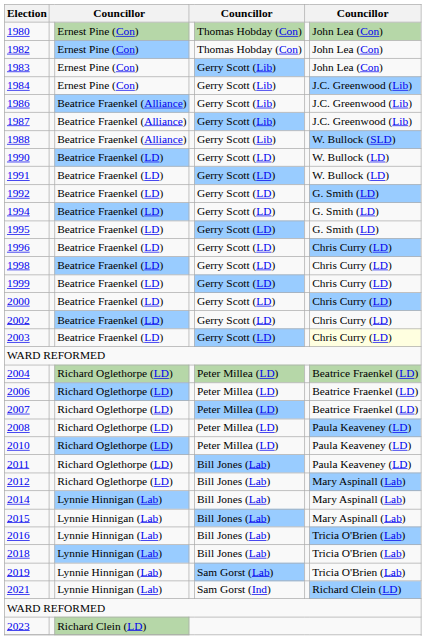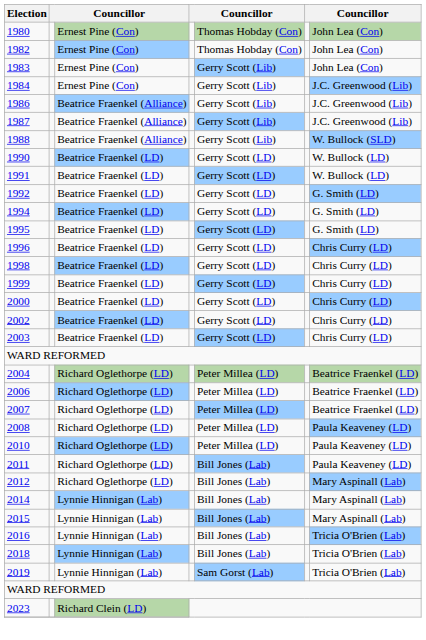 <table class="wikitable">
 <tr>
 <th>Election</th>
 <th colspan="2">Councillor</th>
 <th colspan="2">Councillor</th>
 <th colspan="2">Councillor</th>
 </tr>
 <tr>
 <td><a href='#'>1980</a></td>
 <td style="background-color: "></td>
 <td bgcolor="#B6D7A8">Ernest Pine (<a href='#'>Con</a>)</td>
 <td style="background-color: "></td>
 <td bgcolor="#B6D7A8">Thomas Hobday (<a href='#'>Con</a>)</td>
 <td style="background-color: "></td>
 <td bgcolor="#B6D7A8">John Lea (<a href='#'>Con</a>)</td>
 </tr>
 <tr>
 <td><a href='#'>1982</a></td>
 <td style="background-color: "></td>
 <td bgcolor="#99CCFF">Ernest Pine (<a href='#'>Con</a>)</td>
 <td style="background-color: "></td>
 <td>Thomas Hobday (<a href='#'>Con</a>)</td>
 <td style="background-color: "></td>
 <td>John Lea (<a href='#'>Con</a>)</td>
 </tr>
 <tr>
 <td><a href='#'>1983</a></td>
 <td style="background-color: "></td>
 <td>Ernest Pine (<a href='#'>Con</a>)</td>
 <td style="background-color: "></td>
 <td bgcolor="#99CCFF">Gerry Scott (<a href='#'>Lib</a>)</td>
 <td style="background-color: "></td>
 <td>John Lea (<a href='#'>Con</a>)</td>
 </tr>
 <tr>
 <td><a href='#'>1984</a></td>
 <td style="background-color: "></td>
 <td>Ernest Pine (<a href='#'>Con</a>)</td>
 <td style="background-color: "></td>
 <td>Gerry Scott (<a href='#'>Lib</a>)</td>
 <td style="background-color: "></td>
 <td bgcolor="#99CCFF">J.C. Greenwood (<a href='#'>Lib</a>)</td>
 </tr>
 <tr>
 <td><a href='#'>1986</a></td>
 <td style="background-color: "></td>
 <td bgcolor="#99CCFF">Beatrice Fraenkel (<a href='#'>Alliance</a>)</td>
 <td style="background-color: "></td>
 <td>Gerry Scott (<a href='#'>Lib</a>)</td>
 <td style="background-color: "></td>
 <td>J.C. Greenwood (<a href='#'>Lib</a>)</td>
 </tr>
 <tr>
 <td><a href='#'>1987</a></td>
 <td style="background-color: "></td>
 <td>Beatrice Fraenkel (<a href='#'>Alliance</a>)</td>
 <td style="background-color: "></td>
 <td bgcolor="#99CCFF">Gerry Scott (<a href='#'>Lib</a>)</td>
 <td style="background-color: "></td>
 <td>J.C. Greenwood (<a href='#'>Lib</a>)</td>
 </tr>
 <tr>
 <td><a href='#'>1988</a></td>
 <td style="background-color: "></td>
 <td>Beatrice Fraenkel (<a href='#'>Alliance</a>)</td>
 <td style="background-color: "></td>
 <td>Gerry Scott (<a href='#'>Lib</a>)</td>
 <td style="background-color: "></td>
 <td bgcolor="#99CCFF">W. Bullock (<a href='#'>SLD</a>)</td>
 </tr>
 <tr>
 <td><a href='#'>1990</a></td>
 <td style="background-color: "></td>
 <td bgcolor="#99CCFF">Beatrice Fraenkel (<a href='#'>LD</a>)</td>
 <td style="background-color: "></td>
 <td>Gerry Scott (<a href='#'>LD</a>)</td>
 <td style="background-color: "></td>
 <td>W. Bullock (<a href='#'>LD</a>)</td>
 </tr>
 <tr>
 <td><a href='#'>1991</a></td>
 <td style="background-color: "></td>
 <td>Beatrice Fraenkel (<a href='#'>LD</a>)</td>
 <td style="background-color: "></td>
 <td bgcolor="#99CCFF">Gerry Scott (<a href='#'>LD</a>)</td>
 <td style="background-color: "></td>
 <td>W. Bullock (<a href='#'>LD</a>)</td>
 </tr>
 <tr>
 <td><a href='#'>1992</a></td>
 <td style="background-color: "></td>
 <td>Beatrice Fraenkel (<a href='#'>LD</a>)</td>
 <td style="background-color: "></td>
 <td>Gerry Scott (<a href='#'>LD</a>)</td>
 <td style="background-color: "></td>
 <td bgcolor="#99CCFF">G. Smith (<a href='#'>LD</a>)</td>
 </tr>
 <tr>
 <td><a href='#'>1994</a></td>
 <td style="background-color: "></td>
 <td bgcolor="#99CCFF">Beatrice Fraenkel (<a href='#'>LD</a>)</td>
 <td style="background-color: "></td>
 <td>Gerry Scott (<a href='#'>LD</a>)</td>
 <td style="background-color: "></td>
 <td>G. Smith (<a href='#'>LD</a>)</td>
 </tr>
 <tr>
 <td><a href='#'>1995</a></td>
 <td style="background-color: "></td>
 <td>Beatrice Fraenkel (<a href='#'>LD</a>)</td>
 <td style="background-color: "></td>
 <td bgcolor="#99CCFF">Gerry Scott (<a href='#'>LD</a>)</td>
 <td style="background-color: "></td>
 <td>G. Smith (<a href='#'>LD</a>)</td>
 </tr>
 <tr>
 <td><a href='#'>1996</a></td>
 <td style="background-color: "></td>
 <td>Beatrice Fraenkel (<a href='#'>LD</a>)</td>
 <td style="background-color: "></td>
 <td>Gerry Scott (<a href='#'>LD</a>)</td>
 <td style="background-color: "></td>
 <td bgcolor="#99CCFF">Chris Curry (<a href='#'>LD</a>)</td>
 </tr>
 <tr>
 <td><a href='#'>1998</a></td>
 <td style="background-color: "></td>
 <td bgcolor="#99CCFF">Beatrice Fraenkel (<a href='#'>LD</a>)</td>
 <td style="background-color: "></td>
 <td>Gerry Scott (<a href='#'>LD</a>)</td>
 <td style="background-color: "></td>
 <td>Chris Curry (<a href='#'>LD</a>)</td>
 </tr>
 <tr>
 <td><a href='#'>1999</a></td>
 <td style="background-color: "></td>
 <td>Beatrice Fraenkel (<a href='#'>LD</a>)</td>
 <td style="background-color: "></td>
 <td bgcolor="#99CCFF">Gerry Scott (<a href='#'>LD</a>)</td>
 <td style="background-color: "></td>
 <td>Chris Curry (<a href='#'>LD</a>)</td>
 </tr>
 <tr>
 <td><a href='#'>2000</a></td>
 <td style="background-color: "></td>
 <td>Beatrice Fraenkel (<a href='#'>LD</a>)</td>
 <td style="background-color: "></td>
 <td>Gerry Scott (<a href='#'>LD</a>)</td>
 <td style="background-color: "></td>
 <td bgcolor="#99CCFF">Chris Curry (<a href='#'>LD</a>)</td>
 </tr>
 <tr>
 <td><a href='#'>2002</a></td>
 <td style="background-color: "></td>
 <td bgcolor="#99CCFF">Beatrice Fraenkel (<a href='#'>LD</a>)</td>
 <td style="background-color: "></td>
 <td>Gerry Scott (<a href='#'>LD</a>)</td>
 <td style="background-color: "></td>
 <td>Chris Curry (<a href='#'>LD</a>)</td>
 </tr>
 <tr>
 <td><a href='#'>2003</a></td>
 <td style="background-color: "></td>
 <td>Beatrice Fraenkel (<a href='#'>LD</a>)</td>
 <td style="background-color: "></td>
 <td bgcolor="#99CCFF">Gerry Scott (<a href='#'>LD</a>)</td>
 <td style="background-color: "></td>
-<td style="background: lightyellow;">Chris Curry (<a href='#'>LD</a>)</td>
+<td>Chris Curry (<a href='#'>LD</a>)</td>
 </tr>
 <tr>
 <td colspan="7"><div>WARD REFORMED </div></td>
 </tr>
 <tr>
 <td><a href='#'>2004</a></td>
 <td style="background-color: "></td>
 <td bgcolor="#B6D7A8">Richard Oglethorpe (<a href='#'>LD</a>)</td>
 <td style="background-color: "></td>
 <td bgcolor="#B6D7A8">Peter Millea (<a href='#'>LD</a>)</td>
 <td style="background-color: "></td>
 <td bgcolor="#B6D7A8">Beatrice Fraenkel (<a href='#'>LD</a>)</td>
 </tr>
 <tr>
 <td><a href='#'>2006</a></td>
 <td style="background-color: "></td>
 <td bgcolor="#99CCFF">Richard Oglethorpe (<a href='#'>LD</a>)</td>
 <td style="background-color: "></td>
 <td>Peter Millea (<a href='#'>LD</a>)</td>
 <td style="background-color: "></td>
 <td>Beatrice Fraenkel (<a href='#'>LD</a>)</td>
 </tr>
 <tr>
 <td><a href='#'>2007</a></td>
 <td style="background-color: "></td>
 <td>Richard Oglethorpe (<a href='#'>LD</a>)</td>
 <td style="background-color: "></td>
 <td bgcolor="#99CCFF">Peter Millea (<a href='#'>LD</a>)</td>
 <td style="background-color: "></td>
 <td>Beatrice Fraenkel (<a href='#'>LD</a>)</td>
 </tr>
 <tr>
 <td><a href='#'>2008</a></td>
 <td style="background-color: "></td>
 <td>Richard Oglethorpe (<a href='#'>LD</a>)</td>
 <td style="background-color: "></td>
 <td>Peter Millea (<a href='#'>LD</a>)</td>
 <td style="background-color: "></td>
 <td bgcolor="#99CCFF">Paula Keaveney (<a href='#'>LD</a>)</td>
 </tr>
 <tr>
 <td><a href='#'>2010</a></td>
 <td style="background-color: "></td>
 <td bgcolor="#99CCFF">Richard Oglethorpe (<a href='#'>LD</a>)</td>
 <td style="background-color: "></td>
 <td>Peter Millea (<a href='#'>LD</a>)</td>
 <td style="background-color: "></td>
 <td>Paula Keaveney (<a href='#'>LD</a>)</td>
 </tr>
 <tr>
 <td><a href='#'>2011</a></td>
 <td style="background-color: "></td>
 <td>Richard Oglethorpe (<a href='#'>LD</a>)</td>
 <td style="background-color: "></td>
 <td bgcolor="#99CCFF">Bill Jones (<a href='#'>Lab</a>)</td>
 <td style="background-color: "></td>
 <td>Paula Keaveney (<a href='#'>LD</a>)</td>
 </tr>
 <tr>
 <td><a href='#'>2012</a></td>
 <td style="background-color: "></td>
 <td>Richard Oglethorpe (<a href='#'>LD</a>)</td>
 <td style="background-color: "></td>
 <td>Bill Jones (<a href='#'>Lab</a>)</td>
 <td style="background-color: "></td>
 <td bgcolor="#99CCFF">Mary Aspinall (<a href='#'>Lab</a>)</td>
 </tr>
 <tr>
 <td><a href='#'>2014</a></td>
 <td style="background-color: "></td>
 <td bgcolor="#99CCFF">Lynnie Hinnigan (<a href='#'>Lab</a>)</td>
 <td style="background-color: "></td>
 <td>Bill Jones (<a href='#'>Lab</a>)</td>
 <td style="background-color: "></td>
 <td>Mary Aspinall (<a href='#'>Lab</a>)</td>
 </tr>
 <tr>
 <td><a href='#'>2015</a></td>
 <td style="background-color: "></td>
 <td>Lynnie Hinnigan (<a href='#'>Lab</a>)</td>
 <td style="background-color: "></td>
 <td bgcolor="#99CCFF">Bill Jones (<a href='#'>Lab</a>)</td>
 <td style="background-color: "></td>
 <td>Mary Aspinall (<a href='#'>Lab</a>)</td>
 </tr>
 <tr>
 <td><a href='#'>2016</a></td>
 <td style="background-color: "></td>
 <td>Lynnie Hinnigan (<a href='#'>Lab</a>)</td>
 <td style="background-color: "></td>
 <td>Bill Jones (<a href='#'>Lab</a>)</td>
 <td style="background-color: "></td>
 <td bgcolor="#99CCFF">Tricia O'Brien (<a href='#'>Lab</a>)</td>
 </tr>
 <tr>
 <td><a href='#'>2018</a></td>
 <td style="background-color: "></td>
 <td bgcolor="#99CCFF">Lynnie Hinnigan (<a href='#'>Lab</a>)</td>
 <td style="background-color: "></td>
 <td>Bill Jones (<a href='#'>Lab</a>)</td>
 <td style="background-color: "></td>
 <td>Tricia O'Brien (<a href='#'>Lab</a>)</td>
 </tr>
 <tr>
 <td><a href='#'>2019</a></td>
 <td style="background-color: "></td>
 <td>Lynnie Hinnigan (<a href='#'>Lab</a>)</td>
 <td style="background-color: "></td>
 <td bgcolor="#99CCFF">Sam Gorst (<a href='#'>Lab</a>)</td>
 <td style="background-color: "></td>
 <td>Tricia O'Brien (<a href='#'>Lab</a>)</td>
 </tr>
 <tr>
-<td><a href='#'>2021</a></td>
-<td style="background-color: "></td>
-<td>Lynnie Hinnigan (<a href='#'>Lab</a>)</td>
-<td style="background-color: "></td>
-<td>Sam Gorst (<a href='#'>Ind</a>)</td>
-<td style="background-color: "></td>
-<td bgcolor="#99CCFF">Richard Clein (<a href='#'>LD</a>)</td>
-</tr>
-<tr>
 <td colspan="7"><div>WARD REFORMED </div></td>
 </tr>
 <tr>
 <td><a href='#'>2023</a></td>
 <td style="background-color: "></td>
 <td bgcolor="#B6D7A8">Richard Clein (<a href='#'>LD</a>)</td>
 </tr>
 <tr>
 </tr>
 </table>
